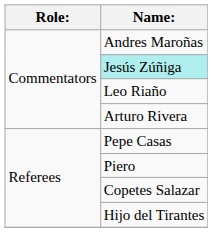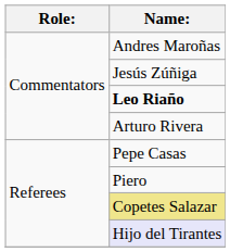 <table class=wikitable style="font-size:90%; margin: 0.5em 0 0.5em 1em; float: right; clear: right;">
 <tr>
 <th>Role:</th>
 <th>Name:</th>
 </tr>
 <tr>
 <td rowspan=4>Commentators</td>
 <td>Andres Maroñas</td>
 </tr>
 <tr>
-<td style="background: paleturquoise;">Jesús Zúñiga</td>
+<td>Jesús Zúñiga</td>
 </tr>
 <tr>
-<td>Leo Riaño</td>
+<td><strong>Leo Riaño</strong></td>
 </tr>
 <tr>
 <td>Arturo Rivera</td>
 </tr>
 <tr>
 <td rowspan=4>Referees</td>
 <td>Pepe Casas</td>
 </tr>
 <tr>
 <td>Piero</td>
 </tr>
 <tr>
-<td>Copetes Salazar</td>
+<td style="background: khaki;">Copetes Salazar</td>
 </tr>
 <tr>
-<td>Hijo del Tirantes</td>
+<td style="background: lavender;">Hijo del Tirantes</td>
 </tr>
 <tr>
 </tr>
 </table>
